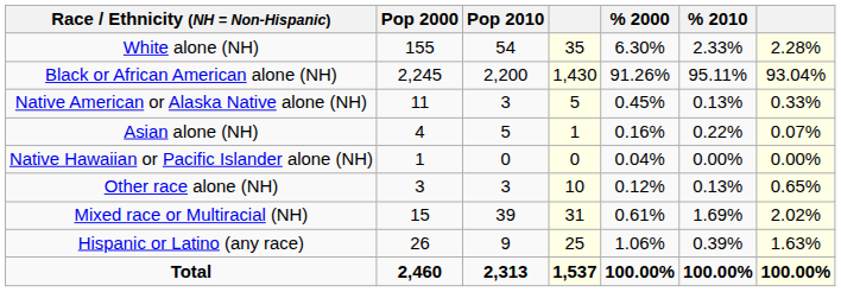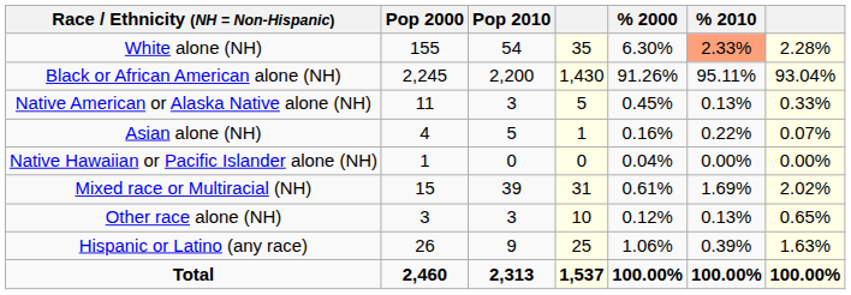 <table class="wikitable" style="text-align:center;">
 <tr>
 <th>Race / Ethnicity <small>(<em>NH = Non-Hispanic</em>)</small></th>
 <th>Pop 2000</th>
 <th>Pop 2010</th>
 <th></th>
 <th>% 2000</th>
 <th>% 2010</th>
 <th></th>
 </tr>
 <tr>
 <td><a href='#'>White</a> alone (NH)</td>
 <td>155</td>
 <td>54</td>
 <td style='background: #ffffe6;'>35</td>
 <td>6.30%</td>
-<td>2.33%</td>
+<td style="background: lightsalmon;">2.33%</td>
 <td style='background: #ffffe6;'>2.28%</td>
 </tr>
 <tr>
 <td><a href='#'>Black or African American</a> alone (NH)</td>
 <td>2,245</td>
 <td>2,200</td>
 <td style='background: #ffffe6;'>1,430</td>
 <td>91.26%</td>
 <td>95.11%</td>
 <td style='background: #ffffe6;'>93.04%</td>
 </tr>
 <tr>
 <td><a href='#'>Native American</a> or <a href='#'>Alaska Native</a> alone (NH)</td>
 <td>11</td>
 <td>3</td>
 <td style='background: #ffffe6;'>5</td>
 <td>0.45%</td>
 <td>0.13%</td>
 <td style='background: #ffffe6;'>0.33%</td>
 </tr>
 <tr>
 <td><a href='#'>Asian</a> alone (NH)</td>
 <td>4</td>
 <td>5</td>
 <td style='background: #ffffe6;'>1</td>
 <td>0.16%</td>
 <td>0.22%</td>
 <td style='background: #ffffe6;'>0.07%</td>
 </tr>
 <tr>
 <td><a href='#'>Native Hawaiian</a> or <a href='#'>Pacific Islander</a> alone (NH)</td>
 <td>1</td>
 <td>0</td>
 <td style='background: #ffffe6;'>0</td>
 <td>0.04%</td>
 <td>0.00%</td>
 <td style='background: #ffffe6;'>0.00%</td>
 </tr>
 <tr>
+<td><a href='#'>Mixed race or Multiracial</a> (NH)</td>
+<td>15</td>
+<td>39</td>
+<td style='background: #ffffe6;'>31</td>
+<td>0.61%</td>
+<td>1.69%</td>
+<td style='background: #ffffe6;'>2.02%</td>
+</tr>
+<tr>
 <td><a href='#'>Other race</a> alone (NH)</td>
 <td>3</td>
 <td>3</td>
 <td style='background: #ffffe6;'>10</td>
 <td>0.12%</td>
 <td>0.13%</td>
 <td style='background: #ffffe6;'>0.65%</td>
-</tr>
-<tr>
-<td><a href='#'>Mixed race or Multiracial</a> (NH)</td>
-<td>15</td>
-<td>39</td>
-<td style='background: #ffffe6;'>31</td>
-<td>0.61%</td>
-<td>1.69%</td>
-<td style='background: #ffffe6;'>2.02%</td>
 </tr>
 <tr>
 <td><a href='#'>Hispanic or Latino</a> (any race)</td>
 <td>26</td>
 <td>9</td>
 <td style='background: #ffffe6;'>25</td>
 <td>1.06%</td>
 <td>0.39%</td>
 <td style='background: #ffffe6;'>1.63%</td>
 </tr>
 <tr>
 <td><strong>Total</strong></td>
 <td><strong>2,460</strong></td>
 <td><strong>2,313</strong></td>
 <td style='background: #ffffe6;'><strong>1,537</strong></td>
 <td><strong>100.00%</strong></td>
 <td><strong>100.00%</strong></td>
 <td style='background: #ffffe6;'><strong>100.00%</strong></td>
 </tr>
 </table>
